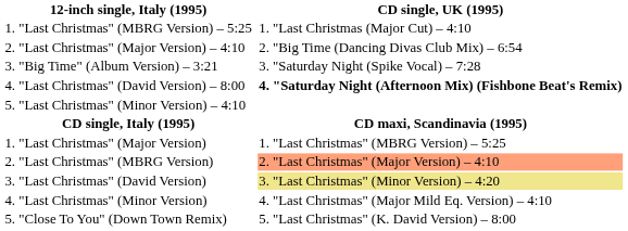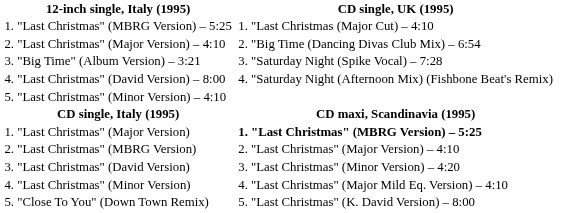 <table style = "border: 0px;">
 <tr>
 <th>12-inch single, Italy (1995)</th>
 <th></th>
 <th>CD single, UK (1995)</th>
 </tr>
 <tr>
 <td>1. "Last Christmas" (MBRG Version) – 5:25</td>
 <td></td>
 <td>1. "Last Christmas (Major Cut) – 4:10</td>
 </tr>
 <tr>
 <td>2. "Last Christmas" (Major Version) – 4:10</td>
 <td></td>
 <td>2. "Big Time (Dancing Divas Club Mix) – 6:54</td>
 </tr>
 <tr>
 <td>3. "Big Time" (Album Version) – 3:21</td>
 <td></td>
 <td>3. "Saturday Night (Spike Vocal) – 7:28</td>
 </tr>
 <tr>
 <td>4. "Last Christmas" (David Version) – 8:00</td>
 <td></td>
-<td><strong>4. "Saturday Night (Afternoon Mix) (Fishbone Beat's Remix)</strong></td>
+<td>4. "Saturday Night (Afternoon Mix) (Fishbone Beat's Remix)</td>
 </tr>
 <tr>
 <td>5. "Last Christmas" (Minor Version) – 4:10</td>
 </tr>
 <tr>
 <th>CD single, Italy (1995)</th>
 <th></th>
 <th>CD maxi, Scandinavia (1995)</th>
 </tr>
 <tr>
 <td>1. "Last Christmas" (Major Version)</td>
 <td></td>
-<td>1. "Last Christmas" (MBRG Version) – 5:25</td>
+<td><strong>1. "Last Christmas" (MBRG Version) – 5:25</strong></td>
 </tr>
 <tr>
 <td>2. "Last Christmas" (MBRG Version)</td>
 <td></td>
-<td style="background: lightsalmon;">2. "Last Christmas" (Major Version) – 4:10</td>
+<td>2. "Last Christmas" (Major Version) – 4:10</td>
 </tr>
 <tr>
 <td>3. "Last Christmas" (David Version)</td>
 <td></td>
-<td style="background: khaki;">3. "Last Christmas" (Minor Version) – 4:20</td>
+<td>3. "Last Christmas" (Minor Version) – 4:20</td>
 </tr>
 <tr>
 <td>4. "Last Christmas" (Minor Version)</td>
 <td></td>
 <td>4. "Last Christmas" (Major Mild Eq. Version) – 4:10</td>
 </tr>
 <tr>
 <td>5. "Close To You" (Down Town Remix)</td>
 <td></td>
 <td>5. "Last Christmas" (K. David Version) – 8:00</td>
 </tr>
 </table>
